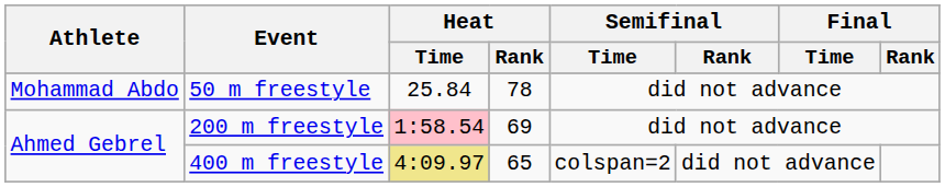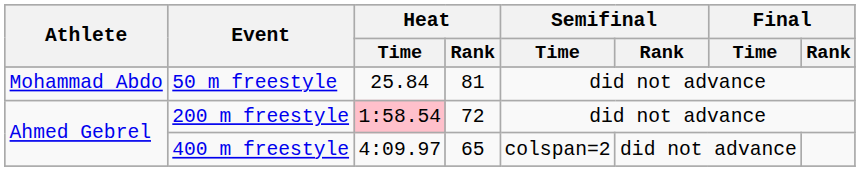 <table class=wikitable style="font-size:90%">
 <tr>
 <th rowspan="2">Athlete</th>
 <th rowspan="2">Event</th>
 <th colspan="2">Heat</th>
 <th colspan="2">Semifinal</th>
 <th colspan="2">Final</th>
 </tr>
 <tr style="font-size:95%">
 <th>Time</th>
 <th>Rank</th>
 <th>Time</th>
 <th>Rank</th>
 <th>Time</th>
 <th>Rank</th>
 </tr>
 <tr align=center>
 <td align=left><a href='#'>Mohammad Abdo</a></td>
 <td align=left><a href='#'>50 m freestyle</a></td>
 <td>25.84</td>
-<td>78</td>
+<td>81</td>
 <td colspan=4>did not advance</td>
 </tr>
 <tr align=center>
 <td align=left rowspan=2><a href='#'>Ahmed Gebrel</a></td>
 <td align=left><a href='#'>200 m freestyle</a></td>
 <td style="background: pink;">1:58.54</td>
-<td>69</td>
+<td>72</td>
 <td colspan=4>did not advance</td>
 </tr>
 <tr align=center>
 <td align=left><a href='#'>400 m freestyle</a></td>
-<td style="background: khaki;">4:09.97</td>
+<td>4:09.97</td>
 <td>65</td>
 <td>colspan=2 </td>
 <td colspan=2>did not advance</td>
 </tr>
 </table>
